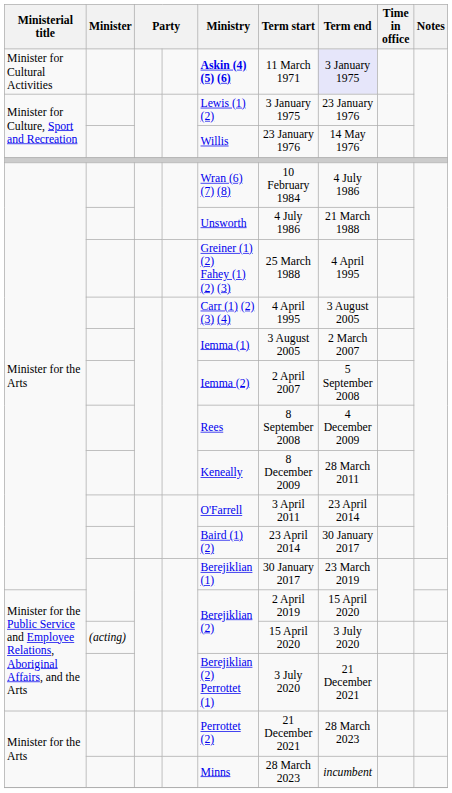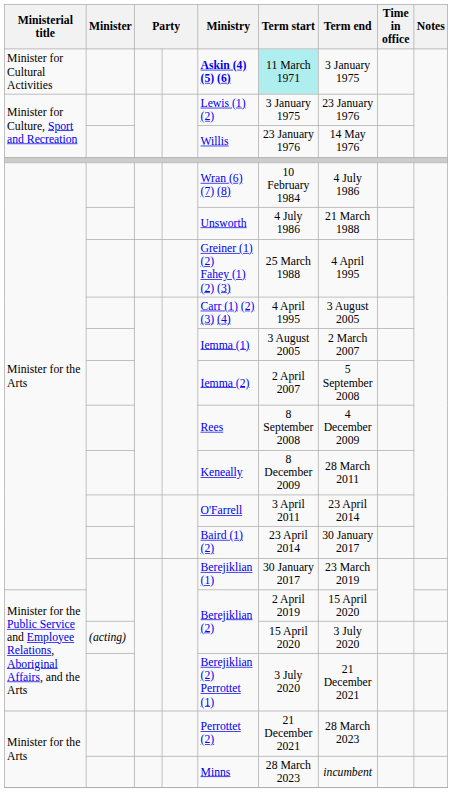 <table class="wikitable sortable">
 <tr>
 <th>Ministerial title</th>
 <th>Minister</th>
 <th colspan=2>Party</th>
 <th>Ministry</th>
 <th>Term start</th>
 <th>Term end</th>
 <th>Time in office</th>
 <th class="unsortable">Notes</th>
 </tr>
 <tr>
 <td>Minister for Cultural Activities</td>
 <td></td>
 <td> </td>
 <td width=8%></td>
 <td><strong><a href='#'>Askin (4)</a> <a href='#'>(5)</a> <a href='#'>(6)</a></strong></td>
-<td align=center>11 March 1971</td>
-<td align=center style="background: lavender;">3 January 1975</td>
+<td align=center style="background: paleturquoise;">11 March 1971</td>
+<td align=center>3 January 1975</td>
 <td align=right></td>
 <td rowspan=3></td>
 </tr>
 <tr>
 <td rowspan=2>Minister for Culture, <a href='#'>Sport and Recreation</a></td>
 <td></td>
 <td rowspan=2 > </td>
 <td rowspan=2></td>
 <td><a href='#'>Lewis (1)</a> <a href='#'>(2)</a></td>
 <td align=center>3 January 1975</td>
 <td align=center>23 January 1976</td>
 <td align=right></td>
 </tr>
 <tr>
 <td></td>
 <td><a href='#'>Willis</a></td>
 <td align=center>23 January 1976</td>
 <td align=center>14 May 1976</td>
 <td align=right></td>
 </tr>
 <tr>
 <th colspan=9 style="background: #cccccc;"></th>
 </tr>
 <tr>
 <td rowspan=11>Minister for the Arts</td>
 <td></td>
 <td rowspan=2 > </td>
 <td rowspan=2></td>
 <td><a href='#'>Wran (6)</a> <a href='#'>(7)</a> <a href='#'>(8)</a></td>
 <td align=center>10 February 1984</td>
 <td align=center>4 July 1986</td>
 <td align=right></td>
 <td rowspan=10></td>
 </tr>
 <tr>
 <td></td>
 <td><a href='#'>Unsworth</a></td>
 <td align="center">4 July 1986</td>
 <td align="center">21 March 1988</td>
 <td align=right></td>
 </tr>
 <tr>
 <td></td>
 <td> </td>
 <td></td>
 <td><a href='#'>Greiner (1)</a> <a href='#'>(2)</a><br><a href='#'>Fahey (1)</a> <a href='#'>(2)</a> <a href='#'>(3)</a></td>
 <td align="center">25 March 1988</td>
 <td align="center">4 April 1995</td>
 <td align=right></td>
 </tr>
 <tr>
 <td></td>
 <td rowspan=5 > </td>
 <td rowspan=5></td>
 <td><a href='#'>Carr (1)</a> <a href='#'>(2)</a> <a href='#'>(3)</a> <a href='#'>(4)</a></td>
 <td align=center>4 April 1995</td>
 <td align=center>3 August 2005</td>
 <td align=right><strong></strong></td>
 </tr>
 <tr>
 <td></td>
 <td><a href='#'>Iemma (1)</a></td>
 <td align=center>3 August 2005</td>
 <td align=center>2 March 2007</td>
 <td align=right></td>
 </tr>
 <tr>
 <td></td>
 <td><a href='#'>Iemma (2)</a></td>
 <td align=center>2 April 2007</td>
 <td align=center>5 September 2008</td>
 <td align=right></td>
 </tr>
 <tr>
 <td></td>
 <td><a href='#'>Rees</a></td>
 <td align=center>8 September 2008</td>
 <td align=center>4 December 2009</td>
 <td align=right></td>
 </tr>
 <tr>
 <td></td>
 <td><a href='#'>Keneally</a></td>
 <td align=center>8 December 2009</td>
 <td align=center>28 March 2011</td>
 <td align=right></td>
 </tr>
 <tr>
 <td></td>
 <td rowspan=2 > </td>
 <td rowspan=2></td>
 <td><a href='#'>O'Farrell</a></td>
 <td align=center>3 April 2011</td>
 <td align=center>23 April 2014</td>
 <td align=right></td>
 </tr>
 <tr>
 <td></td>
 <td><a href='#'>Baird (1)</a> <a href='#'>(2)</a></td>
 <td align="center">23 April 2014</td>
 <td align="center">30 January 2017</td>
 <td align=right></td>
 </tr>
 <tr>
 <td rowspan=2></td>
 <td rowspan=4 > </td>
 <td rowspan=4></td>
 <td><a href='#'>Berejiklian (1)</a></td>
 <td align=center>30 January 2017</td>
 <td align=center>23 March 2019</td>
 <td rowspan=2 align=right></td>
 <td></td>
 </tr>
 <tr>
 <td rowspan=3>Minister for the <a href='#'>Public Service</a> and <a href='#'>Employee Relations</a>,<br><a href='#'>Aboriginal Affairs</a>, and the Arts</td>
 <td rowspan=2><a href='#'>Berejiklian (2)</a></td>
 <td align=center>2 April 2019</td>
 <td align=center>15 April 2020</td>
 <td></td>
 </tr>
 <tr>
 <td><em> (acting)</em></td>
 <td align=center>15 April 2020</td>
 <td align=center>3 July 2020</td>
 <td align=right></td>
 <td></td>
 </tr>
 <tr>
 <td></td>
 <td><a href='#'>Berejiklian (2)</a><br><a href='#'>Perrottet (1)</a></td>
 <td align=center>3 July 2020</td>
 <td align=center>21 December 2021</td>
 <td align=right></td>
 <td></td>
 </tr>
 <tr>
 <td rowspan=2>Minister for the Arts</td>
 <td></td>
 <td> </td>
 <td></td>
 <td><a href='#'>Perrottet (2)</a></td>
 <td align="center">21 December 2021</td>
 <td align="center">28 March 2023</td>
 <td align="right"></td>
 <td></td>
 </tr>
 <tr>
 <td></td>
 <td> </td>
 <td></td>
 <td><a href='#'>Minns</a></td>
 <td align="center">28 March 2023</td>
 <td align="center"><em>incumbent</em></td>
 <td align=right></td>
 <td></td>
 </tr>
 <tr>
 </tr>
 </table>
